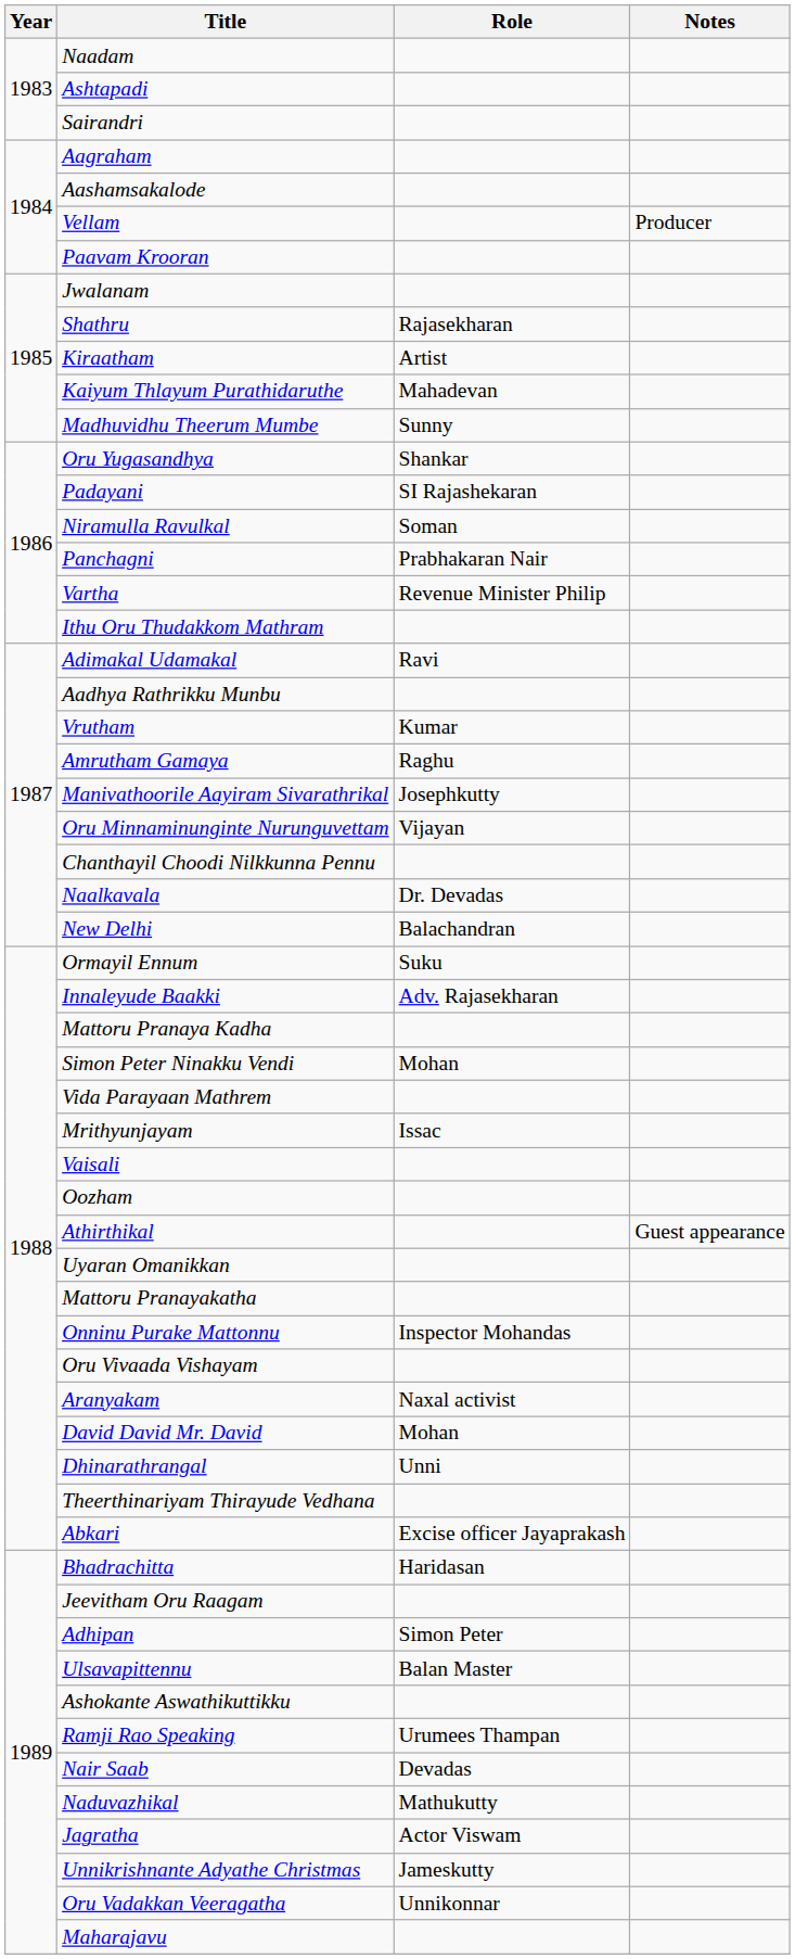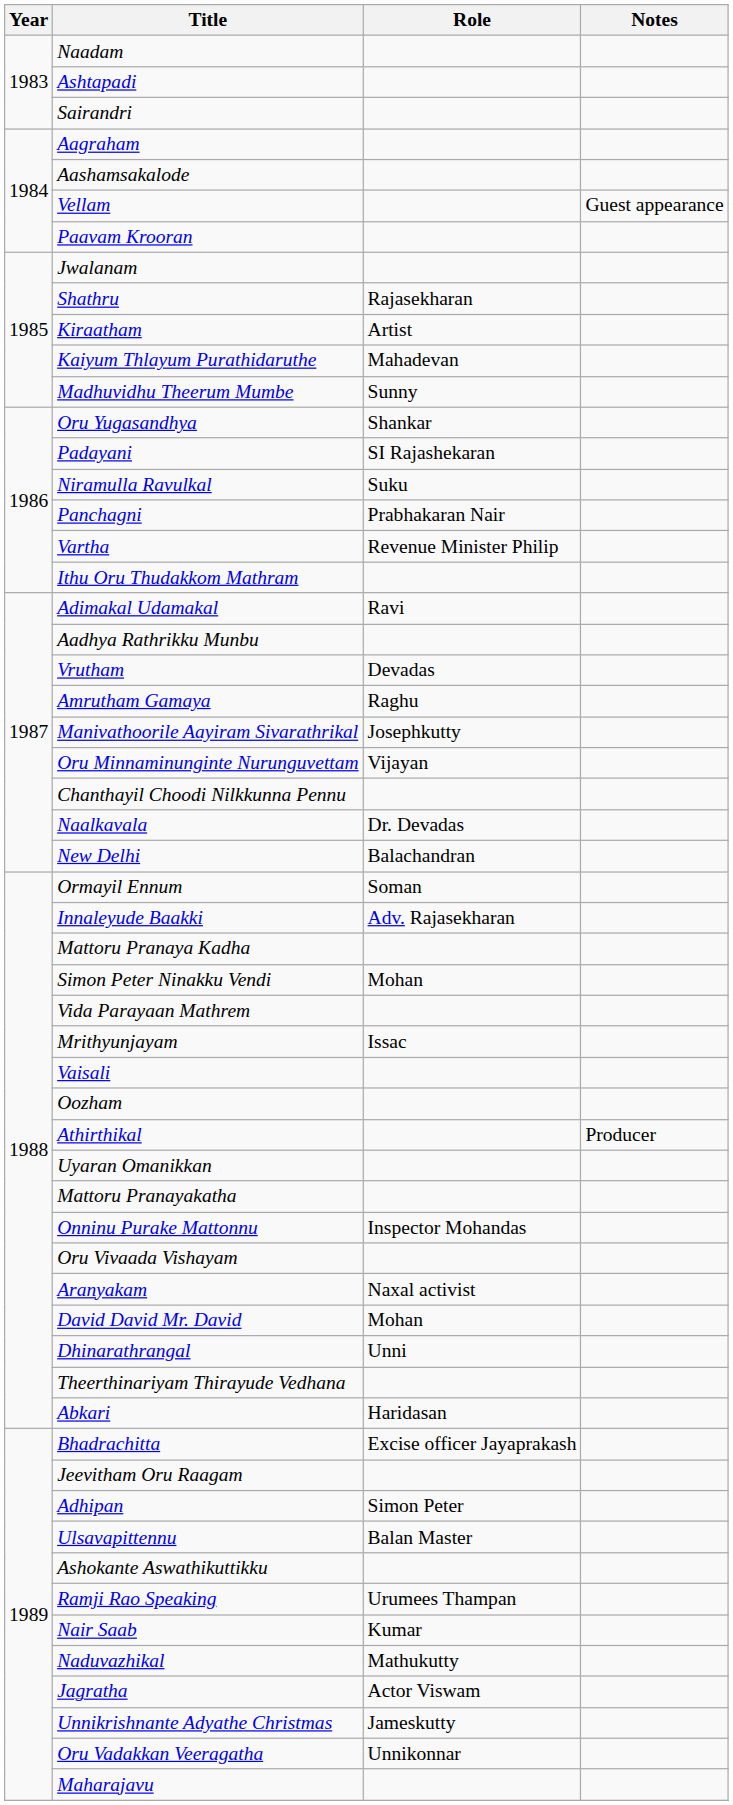 <table class="wikitable sortable">
 <tr>
 <th>Year</th>
 <th>Title</th>
 <th>Role</th>
 <th class="unsortable">Notes</th>
 </tr>
 <tr>
 <td rowspan=3>1983</td>
 <td><em>Naadam</em></td>
 <td></td>
 <td></td>
 </tr>
 <tr>
 <td><em><a href='#'>Ashtapadi</a></em></td>
 <td></td>
 <td></td>
 </tr>
 <tr>
 <td><em>Sairandri</em></td>
 <td></td>
 <td></td>
 </tr>
 <tr>
 <td rowspan=4>1984</td>
 <td><em><a href='#'>Aagraham</a></em></td>
 <td></td>
 <td></td>
 </tr>
 <tr>
 <td><em>Aashamsakalode</em></td>
 <td></td>
 <td></td>
 </tr>
 <tr>
 <td><em><a href='#'>Vellam</a></em></td>
 <td></td>
-<td>Producer</td>
+<td>Guest appearance</td>
 </tr>
 <tr>
 <td><em><a href='#'>Paavam Krooran</a></em></td>
 <td></td>
 <td></td>
 </tr>
 <tr>
 <td rowspan=5>1985</td>
 <td><em>Jwalanam</em></td>
 <td></td>
 <td></td>
 </tr>
 <tr>
 <td><em><a href='#'>Shathru</a></em></td>
 <td>Rajasekharan</td>
 <td></td>
 </tr>
 <tr>
 <td><em><a href='#'>Kiraatham</a></em></td>
 <td>Artist</td>
 <td></td>
 </tr>
 <tr>
 <td><em><a href='#'>Kaiyum Thlayum Purathidaruthe</a></em></td>
 <td>Mahadevan</td>
 <td></td>
 </tr>
 <tr>
 <td><em><a href='#'>Madhuvidhu Theerum Mumbe</a></em></td>
 <td>Sunny</td>
 <td></td>
 </tr>
 <tr>
 <td rowspan=6>1986</td>
 <td><em><a href='#'>Oru Yugasandhya</a></em></td>
 <td>Shankar</td>
 <td></td>
 </tr>
 <tr>
 <td><em><a href='#'>Padayani</a></em></td>
 <td>SI Rajashekaran</td>
 <td></td>
 </tr>
 <tr>
 <td><em><a href='#'>Niramulla Ravulkal</a></em></td>
-<td>Soman</td>
+<td>Suku</td>
 <td></td>
 </tr>
 <tr>
 <td><em><a href='#'>Panchagni</a></em></td>
 <td>Prabhakaran Nair</td>
 <td></td>
 </tr>
 <tr>
 <td><em><a href='#'>Vartha</a></em></td>
 <td>Revenue Minister Philip</td>
 <td></td>
 </tr>
 <tr>
 <td><em><a href='#'>Ithu Oru Thudakkom Mathram</a></em></td>
 <td></td>
 <td></td>
 </tr>
 <tr>
 <td rowspan=9>1987</td>
 <td><em><a href='#'>Adimakal Udamakal</a></em></td>
 <td>Ravi</td>
 <td></td>
 </tr>
 <tr>
 <td><em>Aadhya Rathrikku Munbu</em></td>
 <td></td>
 <td></td>
 </tr>
 <tr>
 <td><em><a href='#'>Vrutham</a></em></td>
-<td>Kumar</td>
+<td>Devadas</td>
 <td></td>
 </tr>
 <tr>
 <td><em><a href='#'>Amrutham Gamaya</a></em></td>
 <td>Raghu</td>
 <td></td>
 </tr>
 <tr>
 <td><em><a href='#'>Manivathoorile Aayiram Sivarathrikal</a></em></td>
 <td>Josephkutty</td>
 <td></td>
 </tr>
 <tr>
 <td><em><a href='#'>Oru Minnaminunginte Nurunguvettam</a></em></td>
 <td>Vijayan</td>
 <td></td>
 </tr>
 <tr>
 <td><em>Chanthayil Choodi Nilkkunna Pennu</em></td>
 <td></td>
 <td></td>
 </tr>
 <tr>
 <td><em><a href='#'>Naalkavala</a></em></td>
 <td>Dr. Devadas</td>
 <td></td>
 </tr>
 <tr>
 <td><em><a href='#'>New Delhi</a></em></td>
 <td>Balachandran</td>
 <td></td>
 </tr>
 <tr>
 <td rowspan=18>1988</td>
 <td><em>Ormayil Ennum</em></td>
-<td>Suku</td>
+<td>Soman</td>
 <td></td>
 </tr>
 <tr>
 <td><em><a href='#'>Innaleyude Baakki</a></em></td>
 <td><a href='#'>Adv.</a> Rajasekharan</td>
 <td></td>
 </tr>
 <tr>
 <td><em>Mattoru Pranaya Kadha</em></td>
 <td></td>
 <td></td>
 </tr>
 <tr>
 <td><em>Simon Peter Ninakku Vendi</em></td>
 <td>Mohan</td>
 <td></td>
 </tr>
 <tr>
 <td><em>Vida Parayaan Mathrem</em></td>
 <td></td>
 <td></td>
 </tr>
 <tr>
 <td><em>Mrithyunjayam</em></td>
 <td>Issac</td>
 <td></td>
 </tr>
 <tr>
 <td><em><a href='#'>Vaisali</a></em></td>
 <td></td>
 <td></td>
 </tr>
 <tr>
 <td><em>Oozham</em></td>
 <td></td>
 <td></td>
 </tr>
 <tr>
 <td><em><a href='#'>Athirthikal</a></em></td>
 <td></td>
-<td>Guest appearance</td>
+<td>Producer</td>
 </tr>
 <tr>
 <td><em>Uyaran Omanikkan</em></td>
 <td></td>
 <td></td>
 </tr>
 <tr>
 <td><em>Mattoru Pranayakatha</em></td>
 <td></td>
 <td></td>
 </tr>
 <tr>
 <td><em><a href='#'>Onninu Purake Mattonnu</a></em></td>
 <td>Inspector Mohandas</td>
 <td></td>
 </tr>
 <tr>
 <td><em>Oru Vivaada Vishayam</em></td>
 <td></td>
 <td></td>
 </tr>
 <tr>
 <td><em><a href='#'>Aranyakam</a></em></td>
 <td>Naxal activist</td>
 <td></td>
 </tr>
 <tr>
 <td><em><a href='#'>David David Mr. David</a></em></td>
 <td>Mohan</td>
 <td></td>
 </tr>
 <tr>
 <td><em><a href='#'>Dhinarathrangal</a></em></td>
 <td>Unni</td>
 <td></td>
 </tr>
 <tr>
 <td><em>Theerthinariyam Thirayude Vedhana</em></td>
 <td></td>
 <td></td>
 </tr>
 <tr>
 <td><em><a href='#'>Abkari</a></em></td>
-<td>Excise officer Jayaprakash</td>
+<td>Haridasan</td>
 <td></td>
 </tr>
 <tr>
 <td rowspan=12>1989</td>
 <td><em><a href='#'>Bhadrachitta</a></em></td>
-<td>Haridasan</td>
+<td>Excise officer Jayaprakash</td>
 <td></td>
 </tr>
 <tr>
 <td><em>Jeevitham Oru Raagam</em></td>
 <td></td>
 <td></td>
 </tr>
 <tr>
 <td><em><a href='#'>Adhipan</a></em></td>
 <td>Simon Peter</td>
 <td></td>
 </tr>
 <tr>
 <td><em><a href='#'>Ulsavapittennu</a></em></td>
 <td>Balan Master</td>
 <td></td>
 </tr>
 <tr>
 <td><em>Ashokante Aswathikuttikku</em></td>
 <td></td>
 <td></td>
 </tr>
 <tr>
 <td><em><a href='#'>Ramji Rao Speaking</a></em></td>
 <td>Urumees Thampan</td>
 <td></td>
 </tr>
 <tr>
 <td><em><a href='#'>Nair Saab</a></em></td>
-<td>Devadas</td>
+<td>Kumar</td>
 <td></td>
 </tr>
 <tr>
 <td><em><a href='#'>Naduvazhikal</a></em></td>
 <td>Mathukutty</td>
 <td></td>
 </tr>
 <tr>
 <td><em><a href='#'>Jagratha</a></em></td>
 <td>Actor Viswam</td>
 <td></td>
 </tr>
 <tr>
 <td><em><a href='#'>Unnikrishnante Adyathe Christmas</a></em></td>
 <td>Jameskutty</td>
 <td></td>
 </tr>
 <tr>
 <td><em><a href='#'>Oru Vadakkan Veeragatha</a></em></td>
 <td>Unnikonnar</td>
 <td></td>
 </tr>
 <tr>
 <td><em><a href='#'>Maharajavu</a></em></td>
 <td></td>
 <td></td>
 </tr>
 <tr>
 </tr>
 </table>
